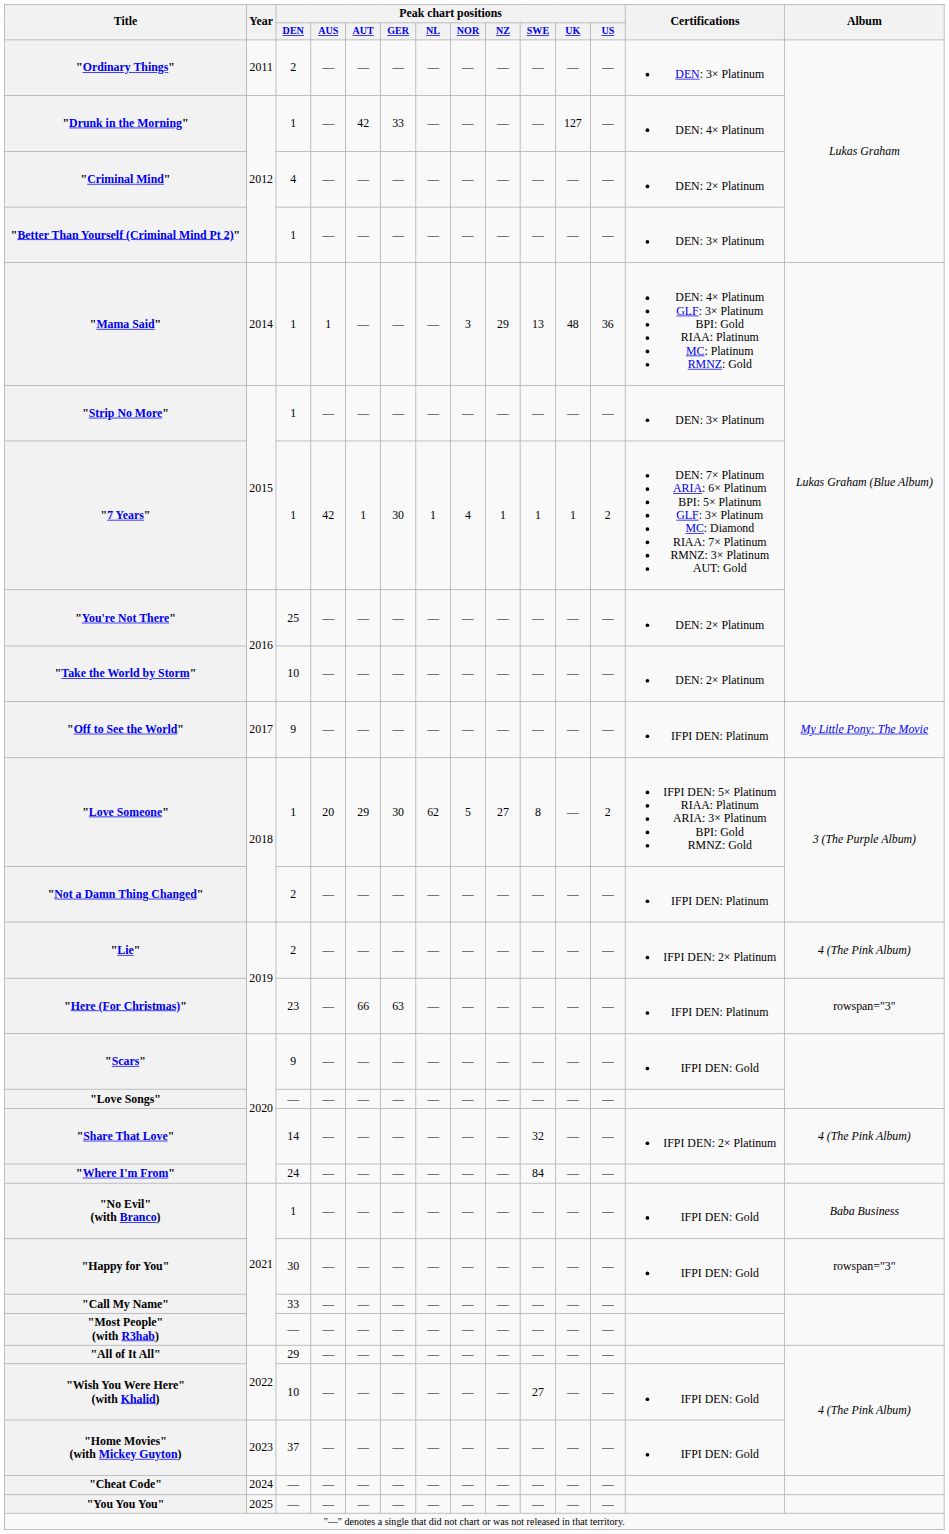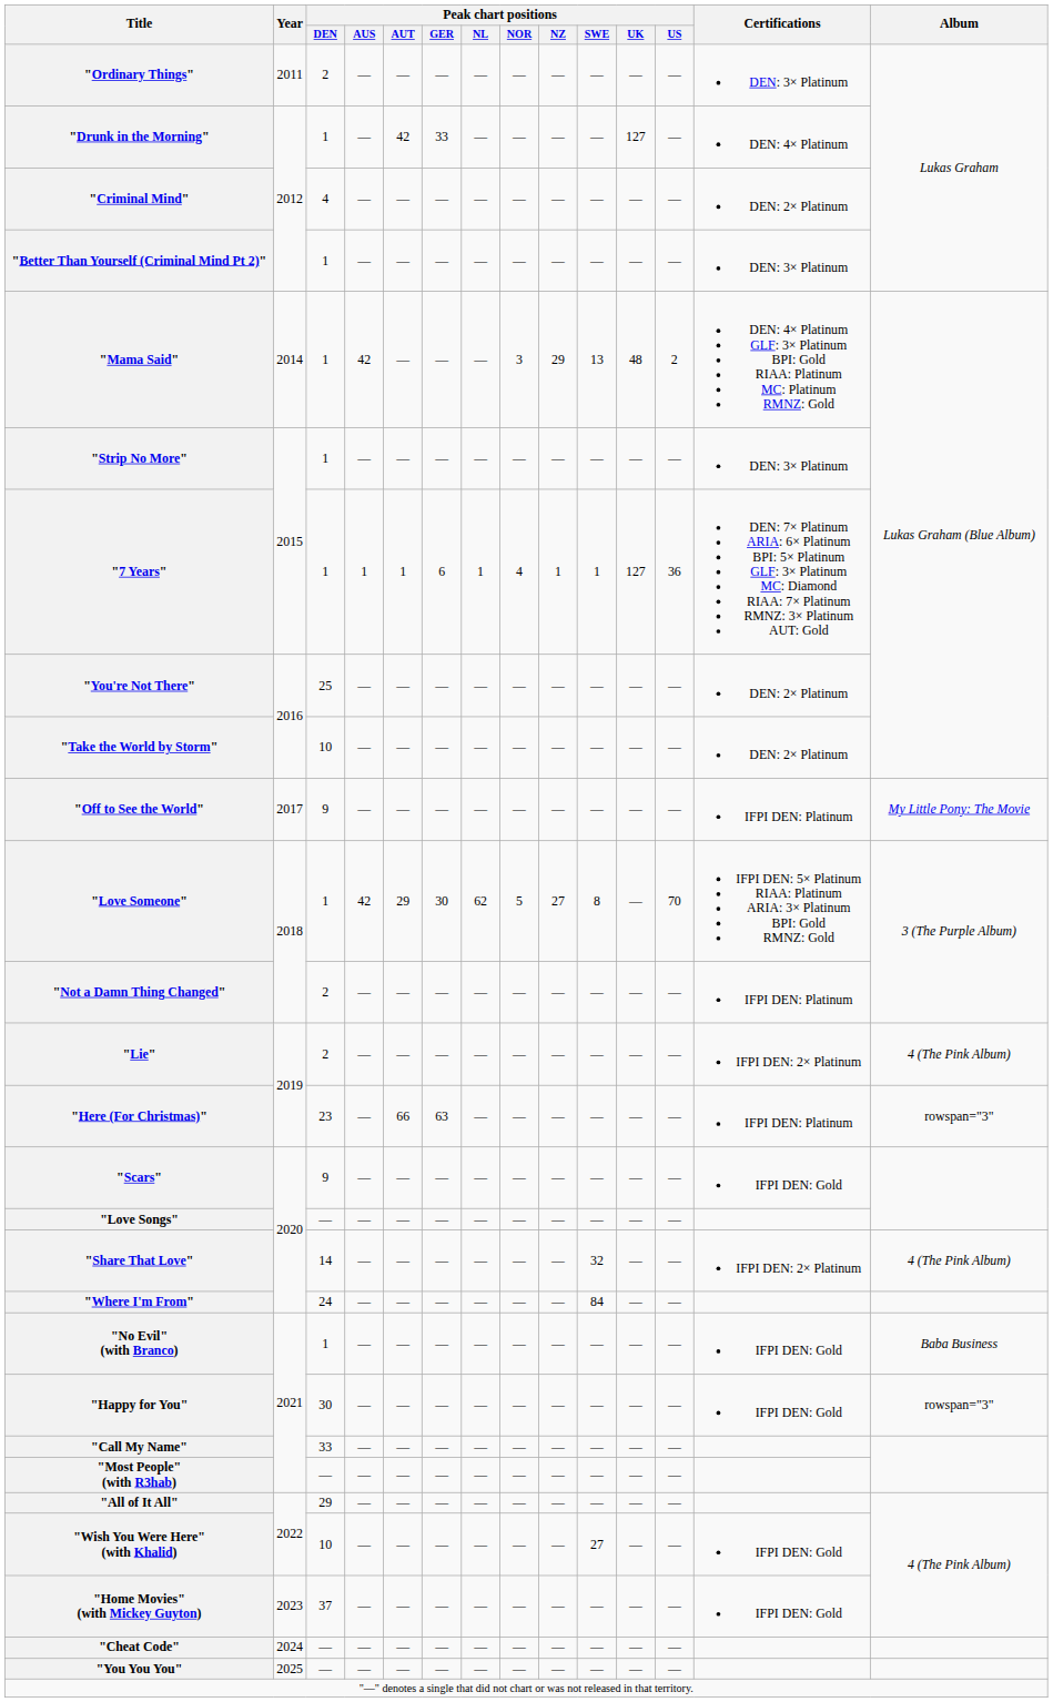 <table class="wikitable plainrowheaders" style="text-align:center;">
 <tr>
 <th scope="col" rowspan="2" style="width:20em;">Title</th>
 <th scope="col" rowspan="2" style="width:1em;">Year</th>
 <th scope="col" colspan="10">Peak chart positions</th>
 <th scope="col" rowspan="2" style="width:13em;">Certifications</th>
 <th scope="col" rowspan="2" style="width:13em;">Album</th>
 </tr>
 <tr>
 <th scope="col" style="width:3em;font-size:85%;"><a href='#'>DEN</a><br></th>
 <th scope="col" style="width:3em;font-size:85%;"><a href='#'>AUS</a><br></th>
 <th scope="col" style="width:3em;font-size:85%;"><a href='#'>AUT</a><br></th>
 <th scope="col" style="width:3em;font-size:85%;"><a href='#'>GER</a><br></th>
 <th scope="col" style="width:3em;font-size:85%;"><a href='#'>NL</a><br></th>
 <th scope="col" style="width:3em;font-size:85%;"><a href='#'>NOR</a><br></th>
 <th scope="col" style="width:3em;font-size:85%;"><a href='#'>NZ</a><br></th>
 <th scope="col" style="width:3em;font-size:85%;"><a href='#'>SWE</a><br></th>
 <th scope="col" style="width:3em;font-size:85%;"><a href='#'>UK</a><br></th>
 <th scope="col" style="width:3em;font-size:85%;"><a href='#'>US</a><br></th>
 </tr>
 <tr>
 <th scope="row">"<a href='#'>Ordinary Things</a>"</th>
 <td>2011</td>
 <td>2</td>
 <td>—</td>
 <td>—</td>
 <td>—</td>
 <td>—</td>
 <td>—</td>
 <td>—</td>
 <td>—</td>
 <td>—</td>
 <td>—</td>
 <td><br><ul><li><a href='#'>DEN</a>: 3× Platinum</li></ul></td>
 <td rowspan="4"><em>Lukas Graham</em></td>
 </tr>
 <tr>
 <th scope="row">"<a href='#'>Drunk in the Morning</a>"</th>
 <td rowspan="3">2012</td>
 <td>1</td>
 <td>—</td>
 <td>42</td>
 <td>33</td>
 <td>—</td>
 <td>—</td>
 <td>—</td>
 <td>—</td>
 <td>127</td>
 <td>—</td>
 <td><br><ul><li>DEN: 4× Platinum</li></ul></td>
 </tr>
 <tr>
 <th scope="row">"<a href='#'>Criminal Mind</a>"</th>
 <td>4</td>
 <td>—</td>
 <td>—</td>
 <td>—</td>
 <td>—</td>
 <td>—</td>
 <td>—</td>
 <td>—</td>
 <td>—</td>
 <td>—</td>
 <td><br><ul><li>DEN: 2× Platinum</li></ul></td>
 </tr>
 <tr>
 <th scope="row">"<a href='#'>Better Than Yourself (Criminal Mind Pt 2)</a>"</th>
 <td>1</td>
 <td>—</td>
 <td>—</td>
 <td>—</td>
 <td>—</td>
 <td>—</td>
 <td>—</td>
 <td>—</td>
 <td>—</td>
 <td>—</td>
 <td><br><ul><li>DEN: 3× Platinum</li></ul></td>
 </tr>
 <tr>
 <th scope="row">"<a href='#'>Mama Said</a>"</th>
 <td>2014</td>
 <td>1</td>
-<td>1</td>
+<td>42</td>
 <td>—</td>
 <td>—</td>
 <td>—</td>
 <td>3</td>
 <td>29</td>
 <td>13</td>
 <td>48</td>
-<td>36</td>
+<td>2</td>
 <td><br><ul><li>DEN: 4× Platinum</li><li><a href='#'>GLF</a>: 3× Platinum</li><li>BPI: Gold</li><li>RIAA: Platinum</li><li><a href='#'>MC</a>: Platinum</li><li><a href='#'>RMNZ</a>: Gold</li></ul></td>
 <td rowspan="5"><em>Lukas Graham (Blue Album)</em></td>
 </tr>
 <tr>
 <th scope="row">"<a href='#'>Strip No More</a>"</th>
 <td rowspan="2">2015</td>
 <td>1</td>
 <td>—</td>
 <td>—</td>
 <td>—</td>
 <td>—</td>
 <td>—</td>
 <td>—</td>
 <td>—</td>
 <td>—</td>
 <td>—</td>
 <td><br><ul><li>DEN: 3× Platinum</li></ul></td>
 </tr>
 <tr>
 <th scope="row">"<a href='#'>7 Years</a>"</th>
 <td>1</td>
-<td>42</td>
 <td>1</td>
-<td>30</td>
+<td>1</td>
+<td>6</td>
 <td>1</td>
 <td>4</td>
 <td>1</td>
 <td>1</td>
-<td>1</td>
-<td>2</td>
+<td>127</td>
+<td>36</td>
 <td><br><ul><li>DEN: 7× Platinum</li><li><a href='#'>ARIA</a>: 6× Platinum</li><li>BPI: 5× Platinum</li><li><a href='#'>GLF</a>: 3× Platinum</li><li><a href='#'>MC</a>: Diamond</li><li>RIAA: 7× Platinum</li><li>RMNZ: 3× Platinum</li><li>AUT: Gold</li></ul></td>
 </tr>
 <tr>
 <th scope="row">"<a href='#'>You're Not There</a>"</th>
 <td rowspan="2">2016</td>
 <td>25</td>
 <td>—</td>
 <td>—</td>
 <td>—</td>
 <td>—</td>
 <td>—</td>
 <td>—</td>
 <td>—</td>
 <td>—</td>
 <td>—</td>
 <td><br><ul><li>DEN: 2× Platinum</li></ul></td>
 </tr>
 <tr>
 <th scope="row">"<a href='#'>Take the World by Storm</a>"</th>
 <td>10</td>
 <td>—</td>
 <td>—</td>
 <td>—</td>
 <td>—</td>
 <td>—</td>
 <td>—</td>
 <td>—</td>
 <td>—</td>
 <td>—</td>
 <td><br><ul><li>DEN: 2× Platinum</li></ul></td>
 </tr>
 <tr>
 <th scope="row">"<a href='#'>Off to See the World</a>"</th>
 <td>2017</td>
 <td>9</td>
 <td>—</td>
 <td>—</td>
 <td>—</td>
 <td>—</td>
 <td>—</td>
 <td>—</td>
 <td>—</td>
 <td>—</td>
 <td>—</td>
 <td><br><ul><li>IFPI DEN: Platinum</li></ul></td>
 <td><em><a href='#'>My Little Pony: The Movie</a></em></td>
 </tr>
 <tr>
 <th scope="row">"<a href='#'>Love Someone</a>"</th>
 <td rowspan="2">2018</td>
 <td>1</td>
-<td>20</td>
+<td>42</td>
 <td>29</td>
 <td>30</td>
 <td>62</td>
 <td>5</td>
 <td>27</td>
 <td>8</td>
 <td>—</td>
-<td>2</td>
+<td>70</td>
 <td><br><ul><li>IFPI DEN: 5× Platinum</li><li>RIAA: Platinum</li><li>ARIA: 3× Platinum</li><li>BPI: Gold</li><li>RMNZ: Gold</li></ul></td>
 <td rowspan="2"><em>3 (The Purple Album)</em></td>
 </tr>
 <tr>
 <th scope="row">"<a href='#'>Not a Damn Thing Changed</a>"</th>
 <td>2</td>
 <td>—</td>
 <td>—</td>
 <td>—</td>
 <td>—</td>
 <td>—</td>
 <td>—</td>
 <td>—</td>
 <td>—</td>
 <td>—</td>
 <td><br><ul><li>IFPI DEN: Platinum</li></ul></td>
 </tr>
 <tr>
 <th scope="row">"<a href='#'>Lie</a>"</th>
 <td rowspan="2">2019</td>
 <td>2</td>
 <td>—</td>
 <td>—</td>
 <td>—</td>
 <td>—</td>
 <td>—</td>
 <td>—</td>
 <td>—</td>
 <td>—</td>
 <td>—</td>
 <td><br><ul><li>IFPI DEN: 2× Platinum</li></ul></td>
 <td><em>4 (The Pink Album)</em></td>
 </tr>
 <tr>
 <th scope="row">"<a href='#'>Here (For Christmas)</a>"</th>
 <td>23</td>
 <td>—</td>
 <td>66</td>
 <td>63</td>
 <td>—</td>
 <td>—</td>
 <td>—</td>
 <td>—</td>
 <td>—</td>
 <td>—</td>
 <td><br><ul><li>IFPI DEN: Platinum</li></ul></td>
 <td>rowspan="3" </td>
 </tr>
 <tr>
 <th scope="row">"<a href='#'>Scars</a>"</th>
 <td rowspan="4">2020</td>
 <td>9</td>
 <td>—</td>
 <td>—</td>
 <td>—</td>
 <td>—</td>
 <td>—</td>
 <td>—</td>
 <td>—</td>
 <td>—</td>
 <td>—</td>
 <td><br><ul><li>IFPI DEN: Gold</li></ul></td>
 </tr>
 <tr>
 <th scope="row">"Love Songs"</th>
 <td>—</td>
 <td>—</td>
 <td>—</td>
 <td>—</td>
 <td>—</td>
 <td>—</td>
 <td>—</td>
 <td>—</td>
 <td>—</td>
 <td>—</td>
 <td></td>
 </tr>
 <tr>
 <th scope="row">"<a href='#'>Share That Love</a>" <br></th>
 <td>14</td>
 <td>—</td>
 <td>—</td>
 <td>—</td>
 <td>—</td>
 <td>—</td>
 <td>—</td>
 <td>32</td>
 <td>—</td>
 <td>—</td>
 <td><br><ul><li>IFPI DEN: 2× Platinum</li></ul></td>
 <td><em>4 (The Pink Album)</em></td>
 </tr>
 <tr>
 <th scope="row">"<a href='#'>Where I'm From</a>" <br></th>
 <td>24</td>
 <td>—</td>
 <td>—</td>
 <td>—</td>
 <td>—</td>
 <td>—</td>
 <td>—</td>
 <td>84</td>
 <td>—</td>
 <td>—</td>
 <td></td>
 <td></td>
 </tr>
 <tr>
 <th scope="row">"No Evil"<br><span>(with <a href='#'>Branco</a>)</span></th>
 <td rowspan="4">2021</td>
 <td>1</td>
 <td>—</td>
 <td>—</td>
 <td>—</td>
 <td>—</td>
 <td>—</td>
 <td>—</td>
 <td>—</td>
 <td>—</td>
 <td>—</td>
 <td><br><ul><li>IFPI DEN: Gold</li></ul></td>
 <td><em>Baba Business</em></td>
 </tr>
 <tr>
 <th scope="row">"Happy for You"</th>
 <td>30</td>
 <td>—</td>
 <td>—</td>
 <td>—</td>
 <td>—</td>
 <td>—</td>
 <td>—</td>
 <td>—</td>
 <td>—</td>
 <td>—</td>
 <td><br><ul><li>IFPI DEN: Gold</li></ul></td>
 <td>rowspan="3" </td>
 </tr>
 <tr>
 <th scope="row">"Call My Name"</th>
 <td>33</td>
 <td>—</td>
 <td>—</td>
 <td>—</td>
 <td>—</td>
 <td>—</td>
 <td>—</td>
 <td>—</td>
 <td>—</td>
 <td>—</td>
 <td></td>
 </tr>
 <tr>
 <th scope="row">"Most People" <br><span>(with <a href='#'>R3hab</a>)</span></th>
 <td>—</td>
 <td>—</td>
 <td>—</td>
 <td>—</td>
 <td>—</td>
 <td>—</td>
 <td>—</td>
 <td>—</td>
 <td>—</td>
 <td>—</td>
 <td></td>
 </tr>
 <tr>
 <th scope="row">"All of It All"</th>
 <td rowspan="2">2022</td>
 <td>29</td>
 <td>—</td>
 <td>—</td>
 <td>—</td>
 <td>—</td>
 <td>—</td>
 <td>—</td>
 <td>—</td>
 <td>—</td>
 <td>—</td>
 <td></td>
 <td rowspan="3"><em>4 (The Pink Album)</em></td>
 </tr>
 <tr>
 <th scope="row">"Wish You Were Here" <br><span>(with <a href='#'>Khalid</a>)</span></th>
 <td>10</td>
 <td>—</td>
 <td>—</td>
 <td>—</td>
 <td>—</td>
 <td>—</td>
 <td>—</td>
 <td>27</td>
 <td>—</td>
 <td>—</td>
 <td><br><ul><li>IFPI DEN: Gold</li></ul></td>
 </tr>
 <tr>
 <th scope="row">"Home Movies"<br><span>(with <a href='#'>Mickey Guyton</a>)</span></th>
 <td>2023</td>
 <td>37<br></td>
 <td>—</td>
 <td>—</td>
 <td>—</td>
 <td>—</td>
 <td>—</td>
 <td>—</td>
 <td>—</td>
 <td>—</td>
 <td>—</td>
 <td><br><ul><li>IFPI DEN: Gold</li></ul></td>
 </tr>
 <tr>
 <th scope="row">"Cheat Code"</th>
 <td>2024</td>
 <td>—</td>
 <td>—</td>
 <td>—</td>
 <td>—</td>
 <td>—</td>
 <td>—</td>
 <td>—</td>
 <td>—</td>
 <td>—</td>
 <td>—</td>
 <td></td>
 <td></td>
 </tr>
 <tr>
 <th scope="row">"You You You"</th>
 <td>2025</td>
 <td>—</td>
 <td>—</td>
 <td>—</td>
 <td>—</td>
 <td>—</td>
 <td>—</td>
 <td>—</td>
 <td>—</td>
 <td>—</td>
 <td>—</td>
 <td></td>
 <td></td>
 </tr>
 <tr>
 <td colspan="20" style="font-size:85%;">"—" denotes a single that did not chart or was not released in that territory.</td>
 </tr>
 </table>
